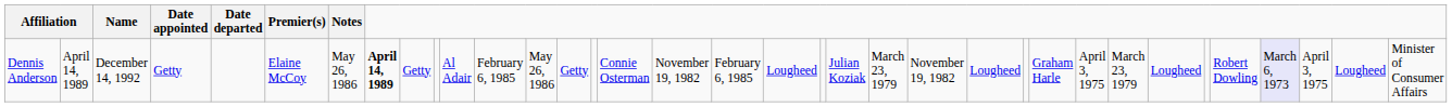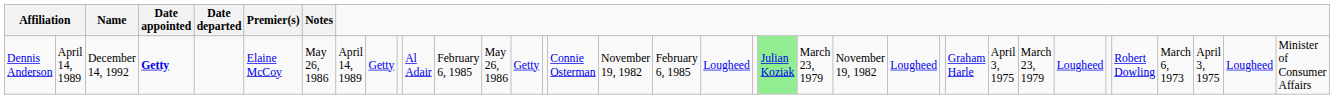 <table class="wikitable">
 <tr>
 <th colspan="2">Affiliation</th>
 <th>Name</th>
 <th>Date appointed</th>
 <th>Date departed</th>
 <th>Premier(s)</th>
 <th>Notes</th>
 </tr>
 <tr>
 <td><a href='#'>Dennis Anderson</a></td>
 <td>April 14, 1989</td>
 <td>December 14, 1992</td>
-<td><a href='#'>Getty</a></td>
+<td><strong><a href='#'>Getty</a></strong></td>
 <td><br></td>
 <td><a href='#'>Elaine McCoy</a></td>
 <td>May 26, 1986</td>
-<td><strong>April 14, 1989</strong></td>
+<td>April 14, 1989</td>
 <td><a href='#'>Getty</a></td>
 <td><br></td>
 <td><a href='#'>Al Adair</a></td>
 <td>February 6, 1985</td>
 <td>May 26, 1986</td>
 <td><a href='#'>Getty</a></td>
 <td><br></td>
 <td><a href='#'>Connie Osterman</a></td>
 <td>November 19, 1982</td>
 <td>February 6, 1985</td>
 <td><a href='#'>Lougheed</a></td>
 <td><br></td>
-<td><a href='#'>Julian Koziak</a></td>
+<td style="background: lightgreen;"><a href='#'>Julian Koziak</a></td>
 <td>March 23, 1979</td>
 <td>November 19, 1982</td>
 <td><a href='#'>Lougheed</a></td>
 <td><br></td>
 <td><a href='#'>Graham Harle</a></td>
 <td>April 3, 1975</td>
 <td>March 23, 1979</td>
 <td><a href='#'>Lougheed</a></td>
 <td><br></td>
 <td><a href='#'>Robert Dowling</a></td>
-<td style="background: lavender;">March 6, 1973</td>
+<td>March 6, 1973</td>
 <td>April 3, 1975</td>
 <td><a href='#'>Lougheed</a></td>
 <td>Minister of Consumer Affairs</td>
 </tr>
 </table>
